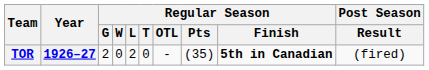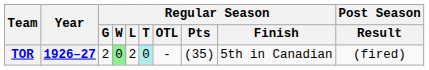 <table class="wikitable" style="font-size: 95%; text-align:center;">
 <tr>
 <th rowspan="2">Team</th>
 <th rowspan="2">Year</th>
 <th colspan="7">Regular Season</th>
 <th colspan="1">Post Season</th>
 </tr>
 <tr>
 <th>G</th>
 <th>W</th>
 <th>L</th>
 <th>T</th>
 <th>OTL</th>
 <th>Pts</th>
 <th>Finish</th>
 <th>Result</th>
 </tr>
 <tr>
 <th><a href='#'>TOR</a></th>
 <th><a href='#'>1926–27</a></th>
 <td>2</td>
-<td>0</td>
+<td style="background: lightgreen;">0</td>
 <td>2</td>
-<td>0</td>
+<td style="background: paleturquoise;">0</td>
 <td>-</td>
 <td>(35)</td>
-<td><strong>5th in Canadian</strong></td>
+<td>5th in Canadian</td>
 <td>(fired)</td>
 </tr>
 </table>
